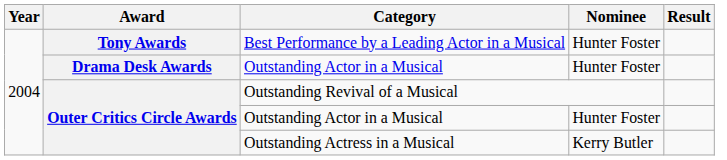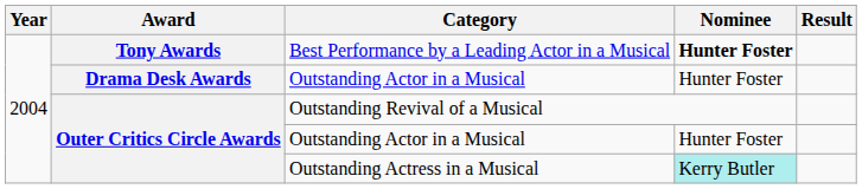 <table class="wikitable">
 <tr>
 <th scope="col">Year</th>
 <th scope="col">Award</th>
 <th scope="col">Category</th>
 <th scope="col">Nominee</th>
 <th scope="col">Result</th>
 </tr>
 <tr>
 <td rowspan="5">2004</td>
 <th scope="row"><a href='#'>Tony Awards</a></th>
 <td><a href='#'>Best Performance by a Leading Actor in a Musical</a></td>
-<td>Hunter Foster</td>
+<td><strong>Hunter Foster</strong></td>
 <td></td>
 </tr>
 <tr>
 <th scope="row"><a href='#'>Drama Desk Awards</a></th>
 <td><a href='#'>Outstanding Actor in a Musical</a></td>
 <td>Hunter Foster</td>
 <td></td>
 </tr>
 <tr>
 <th scope="row" rowspan="3"><a href='#'>Outer Critics Circle Awards</a></th>
 <td colspan="2">Outstanding Revival of a Musical</td>
 <td></td>
 </tr>
 <tr>
 <td>Outstanding Actor in a Musical</td>
 <td>Hunter Foster</td>
 <td></td>
 </tr>
 <tr>
 <td>Outstanding Actress in a Musical</td>
-<td>Kerry Butler</td>
+<td style="background: paleturquoise;">Kerry Butler</td>
 <td></td>
 </tr>
 </table>
